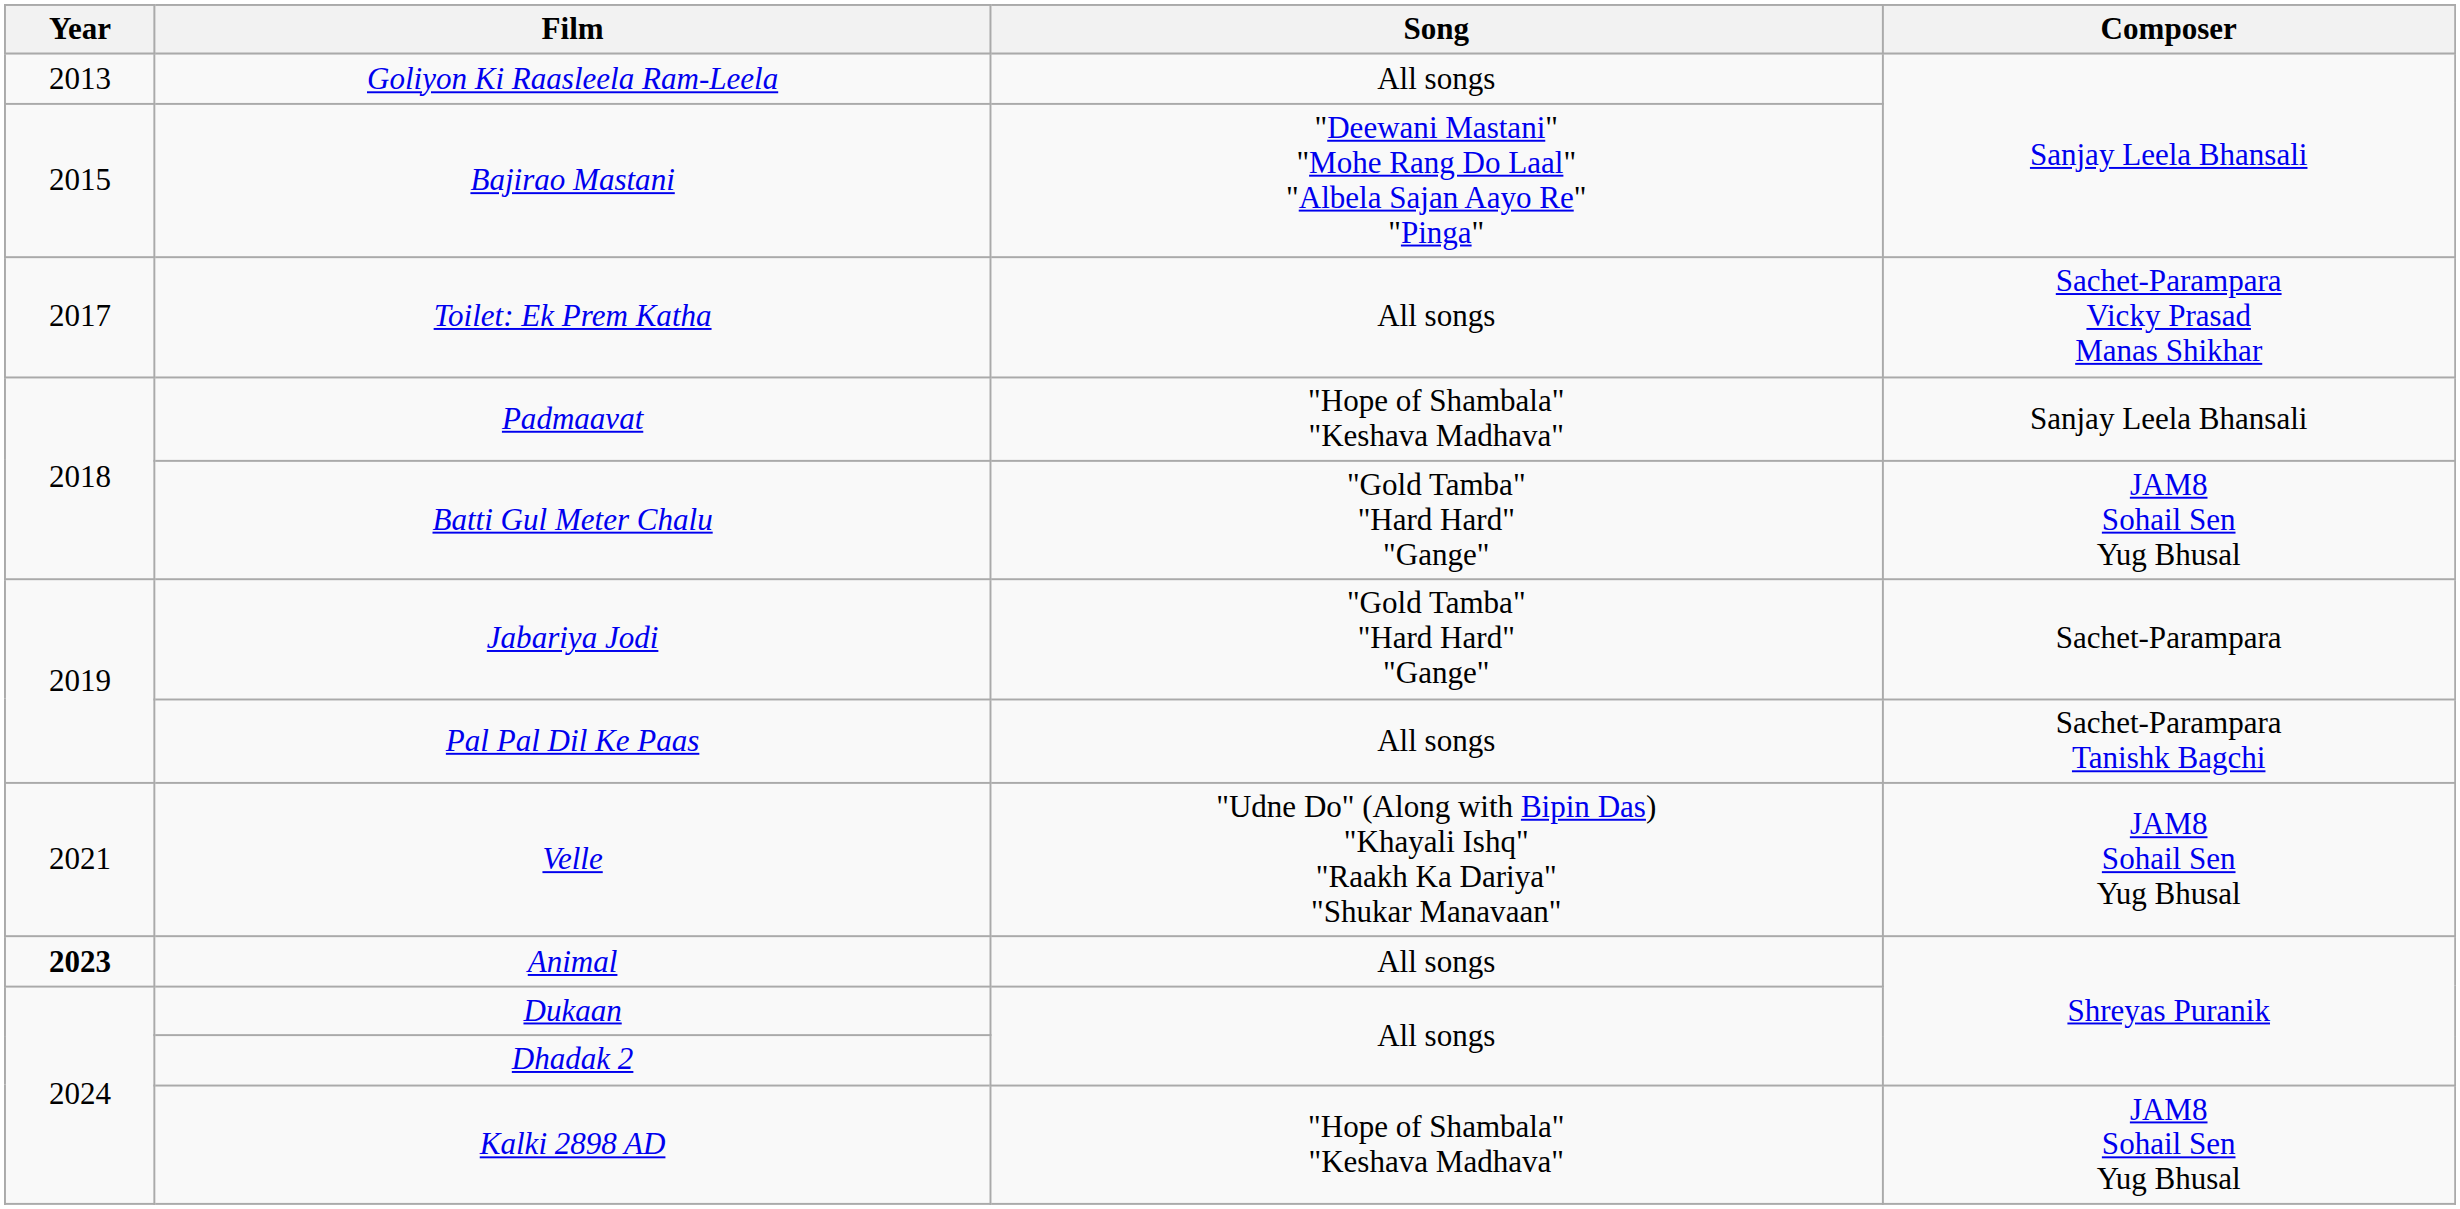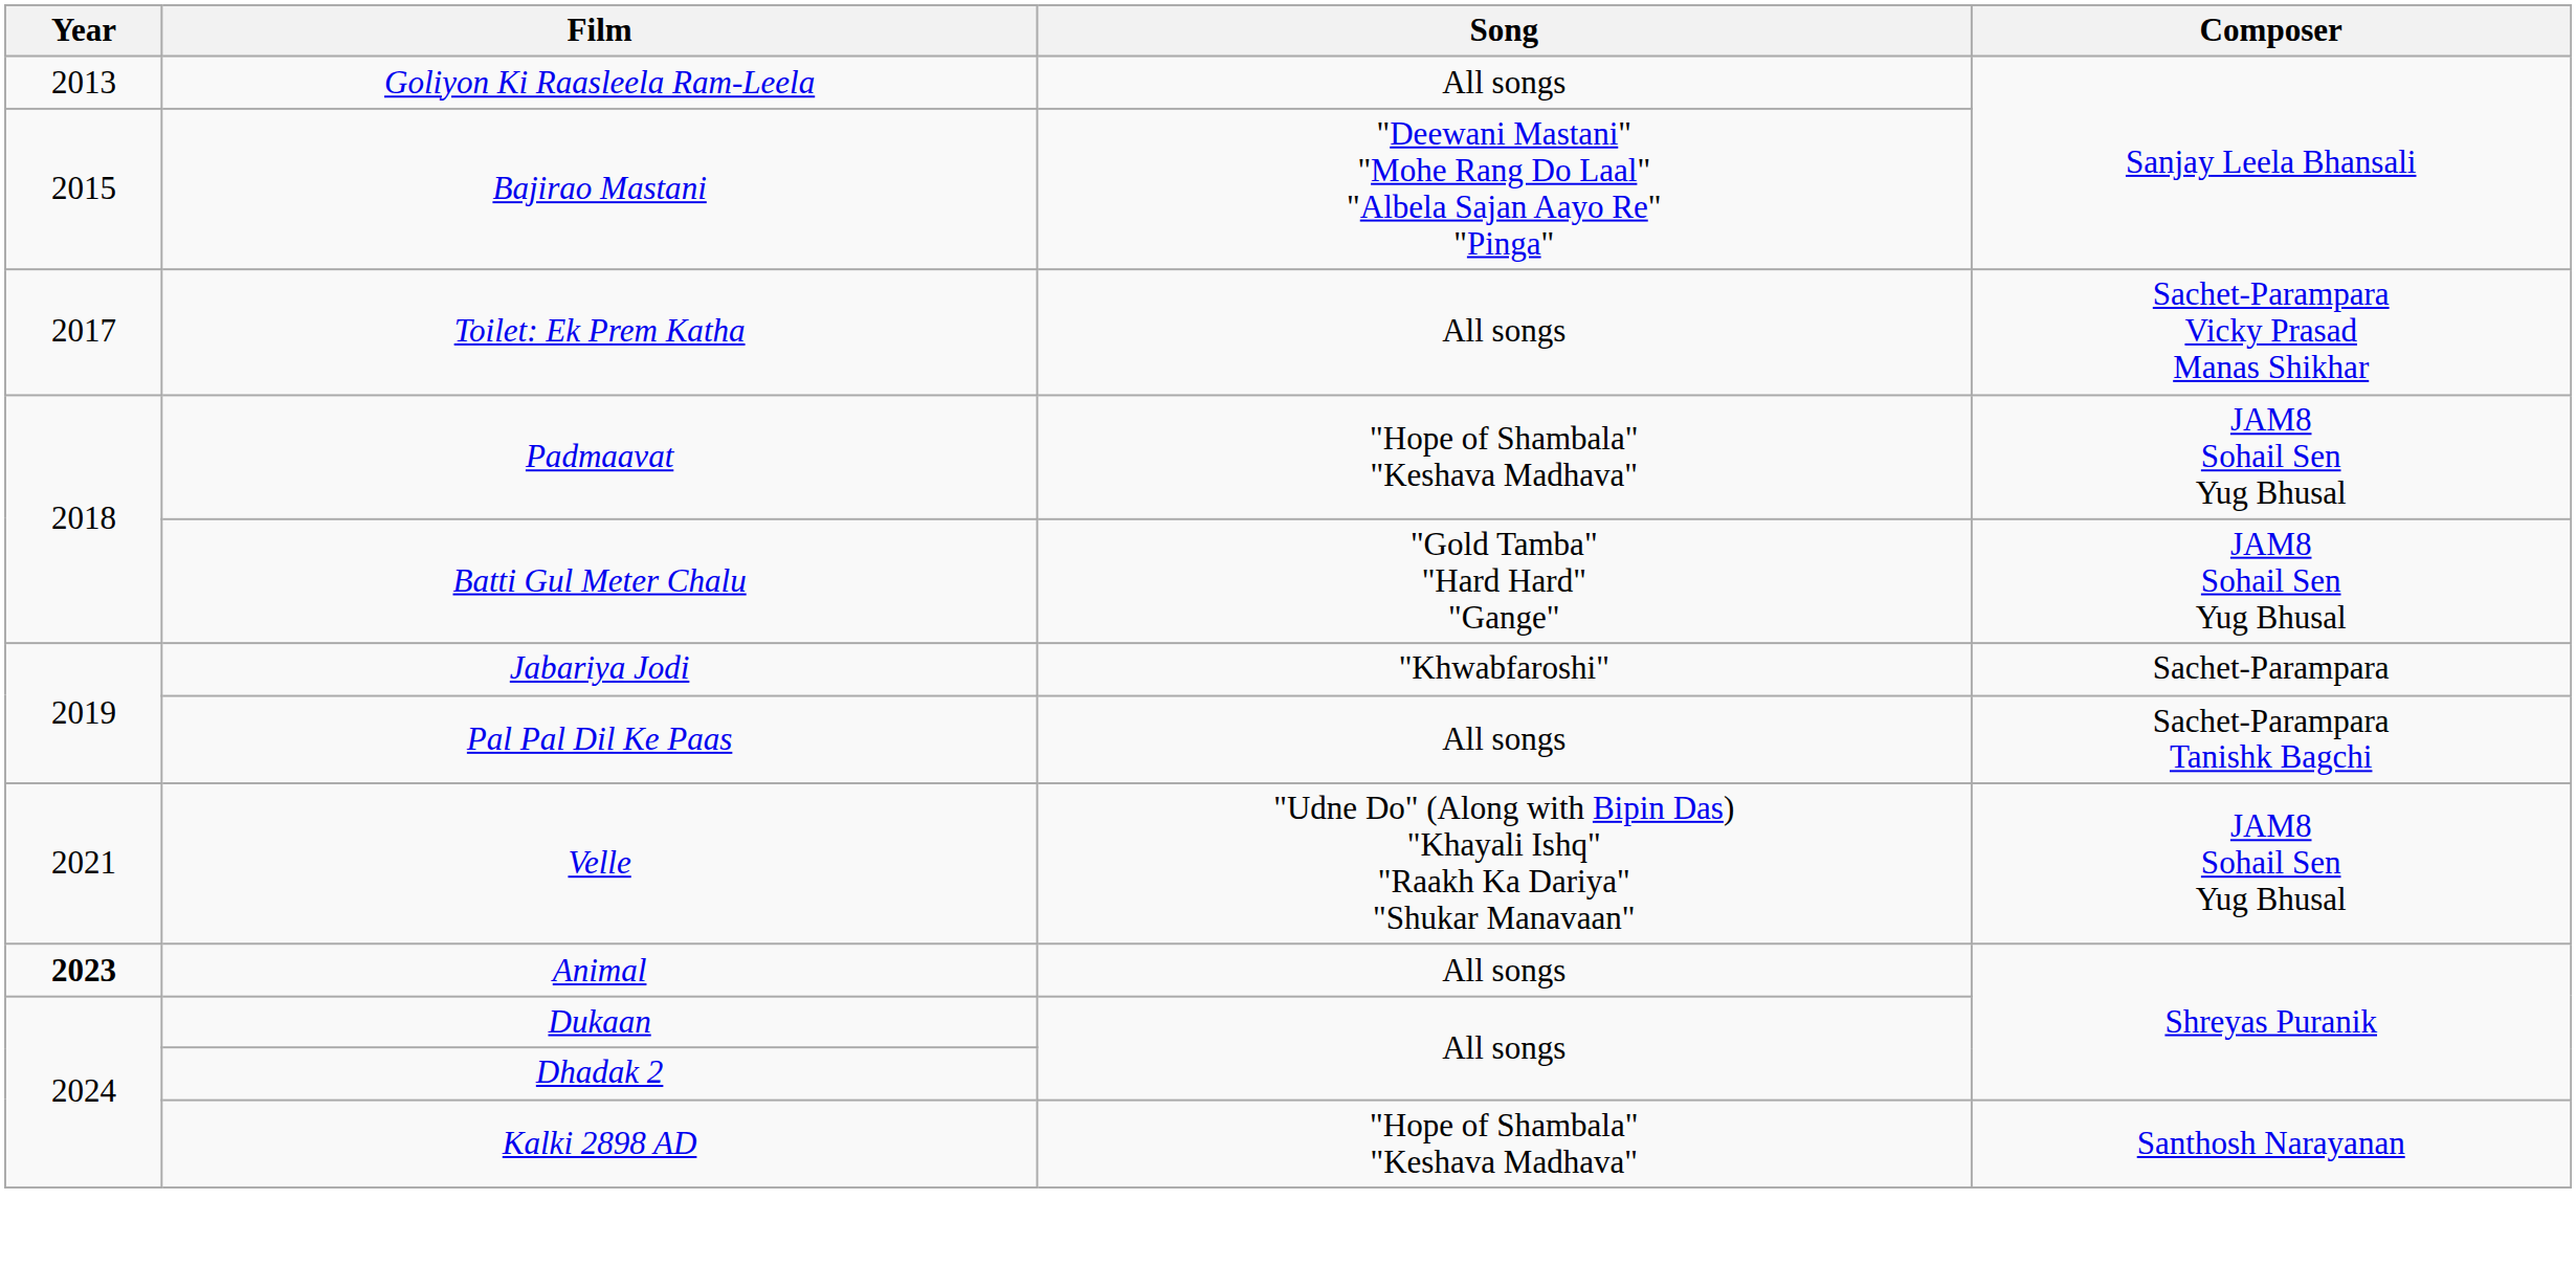 <table class="wikitable" style="width: 100%; text-align: center;">
 <tr style="background:#ccc; text-align:center;">
 <th>Year</th>
 <th>Film</th>
 <th>Song</th>
 <th>Composer</th>
 </tr>
 <tr>
 <td>2013</td>
 <td><em><a href='#'>Goliyon Ki Raasleela Ram-Leela</a></em></td>
 <td>All songs</td>
 <td rowspan=2><a href='#'>Sanjay Leela Bhansali</a></td>
 </tr>
 <tr>
 <td>2015</td>
 <td><em><a href='#'>Bajirao Mastani</a></em></td>
 <td>"<a href='#'>Deewani Mastani</a>"<br>"<a href='#'>Mohe Rang Do Laal</a>"<br>"<a href='#'>Albela Sajan Aayo Re</a>"<br>"<a href='#'>Pinga</a>"</td>
 </tr>
 <tr>
 <td>2017</td>
 <td><em><a href='#'>Toilet: Ek Prem Katha</a></em></td>
 <td>All songs</td>
 <td><a href='#'>Sachet-Parampara</a><br><a href='#'>Vicky Prasad</a><br><a href='#'>Manas Shikhar</a></td>
 </tr>
 <tr>
 <td rowspan=2>2018</td>
 <td><em><a href='#'>Padmaavat</a></em></td>
 <td>"Hope of Shambala"<br>"Keshava Madhava"</td>
-<td>Sanjay Leela Bhansali</td>
+<td><a href='#'>JAM8</a><br><a href='#'>Sohail Sen</a><br>Yug Bhusal</td>
 </tr>
 <tr>
 <td><em><a href='#'>Batti Gul Meter Chalu</a></em></td>
 <td>"Gold Tamba"<br>"Hard Hard"<br>"Gange"</td>
 <td><a href='#'>JAM8</a><br><a href='#'>Sohail Sen</a><br>Yug Bhusal</td>
 </tr>
 <tr>
 <td rowspan=2>2019</td>
 <td><em><a href='#'>Jabariya Jodi</a></em></td>
-<td>"Gold Tamba"<br>"Hard Hard"<br>"Gange"</td>
+<td>"Khwabfaroshi"</td>
 <td>Sachet-Parampara</td>
 </tr>
 <tr>
 <td><em><a href='#'>Pal Pal Dil Ke Paas</a></em></td>
 <td>All songs</td>
 <td>Sachet-Parampara<br><a href='#'>Tanishk Bagchi</a></td>
 </tr>
 <tr>
 <td>2021</td>
 <td><em><a href='#'>Velle</a></em></td>
 <td>"Udne Do" (Along with <a href='#'>Bipin Das</a>)<br>"Khayali Ishq"<br>"Raakh Ka Dariya"<br>"Shukar Manavaan"</td>
 <td><a href='#'>JAM8</a><br><a href='#'>Sohail Sen</a><br>Yug Bhusal</td>
 </tr>
 <tr>
 <td><strong>2023</strong></td>
 <td><em><a href='#'>Animal</a></em></td>
 <td>All songs</td>
 <td rowspan=3><a href='#'>Shreyas Puranik</a></td>
 </tr>
 <tr>
 <td rowspan=3>2024</td>
 <td><em><a href='#'>Dukaan</a></em></td>
 <td rowspan=2>All songs</td>
 </tr>
 <tr>
 <td><em><a href='#'>Dhadak 2</a></em>  </td>
 </tr>
 <tr>
 <td><em><a href='#'>Kalki 2898 AD</a></em></td>
 <td>"Hope of Shambala"<br>"Keshava Madhava"</td>
-<td><a href='#'>JAM8</a><br><a href='#'>Sohail Sen</a><br>Yug Bhusal</td>
+<td><a href='#'>Santhosh Narayanan</a></td>
 </tr>
 </table>
